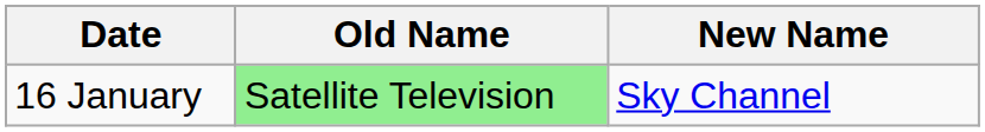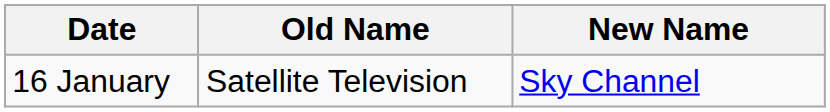 <table class="wikitable">
 <tr>
 <th width=90>Date</th>
 <th width=150>Old Name</th>
 <th width=150>New Name</th>
 </tr>
 <tr>
 <td rowspan="3">16 January</td>
-<td style="background: lightgreen;">Satellite Television</td>
+<td>Satellite Television</td>
 <td><a href='#'>Sky Channel</a></td>
 </tr>
 </table>
